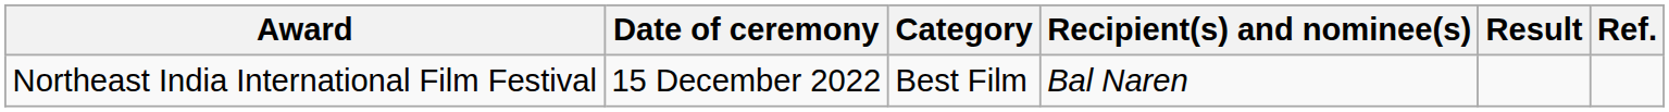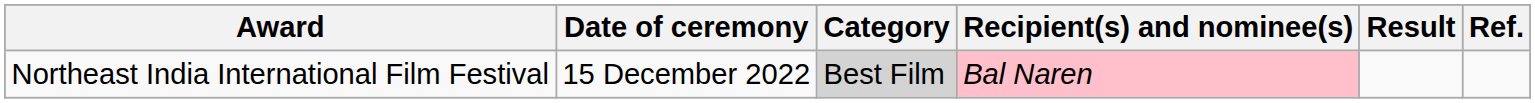 <table class="wikitable plainrowheaders sortable">
 <tr>
 <th>Award</th>
 <th>Date of ceremony</th>
 <th>Category</th>
 <th>Recipient(s) and nominee(s)</th>
 <th>Result</th>
 <th>Ref.</th>
 </tr>
 <tr>
 <td rowspan="2">Northeast India International Film Festival</td>
 <td rowspan="2">15 December 2022</td>
-<td>Best Film</td>
-<td><em>Bal Naren</em></td>
+<td style="background: lightgrey;">Best Film</td>
+<td style="background: pink;"><em>Bal Naren</em></td>
 <td></td>
 <td rowspan="2"></td>
 </tr>
 </table>
